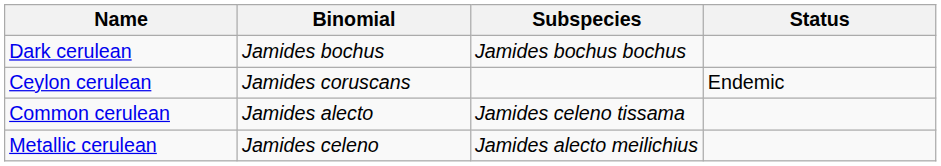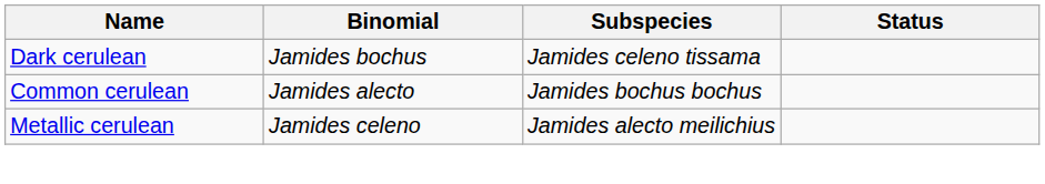 <table width=60% class="wikitable">
 <tr>
 <th width=20%>Name</th>
 <th width=20%>Binomial</th>
 <th width=20%>Subspecies</th>
 <th width=20%>Status</th>
 </tr>
 <tr>
 <td><a href='#'>Dark cerulean</a><br> </td>
 <td><em>Jamides bochus</em></td>
-<td><em>Jamides bochus bochus</em></td>
+<td><em>Jamides celeno tissama</em></td>
 <td></td>
-</tr>
-<tr>
-<td><a href='#'>Ceylon cerulean</a><br></td>
-<td><em>Jamides coruscans</em></td>
-<td></td>
-<td>Endemic</td>
 </tr>
 <tr>
 <td><a href='#'>Common cerulean</a><br>  </td>
 <td><em>Jamides alecto</em></td>
-<td><em>Jamides celeno tissama</em></td>
+<td><em>Jamides bochus bochus</em></td>
 <td></td>
 </tr>
 <tr>
 <td><a href='#'>Metallic cerulean</a><br>  </td>
 <td><em>Jamides celeno</em></td>
 <td><em>Jamides alecto meilichius</em></td>
 <td></td>
 </tr>
 </table>
